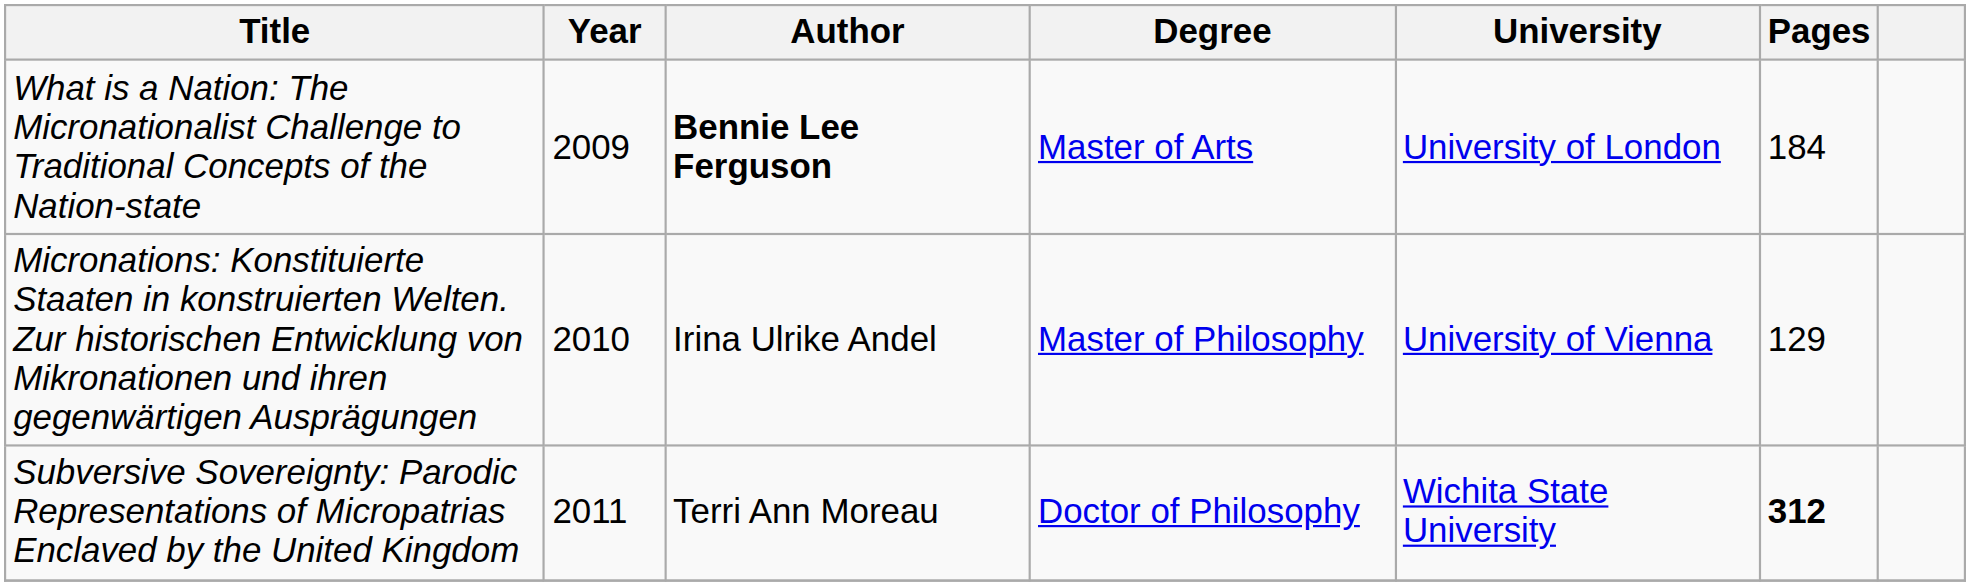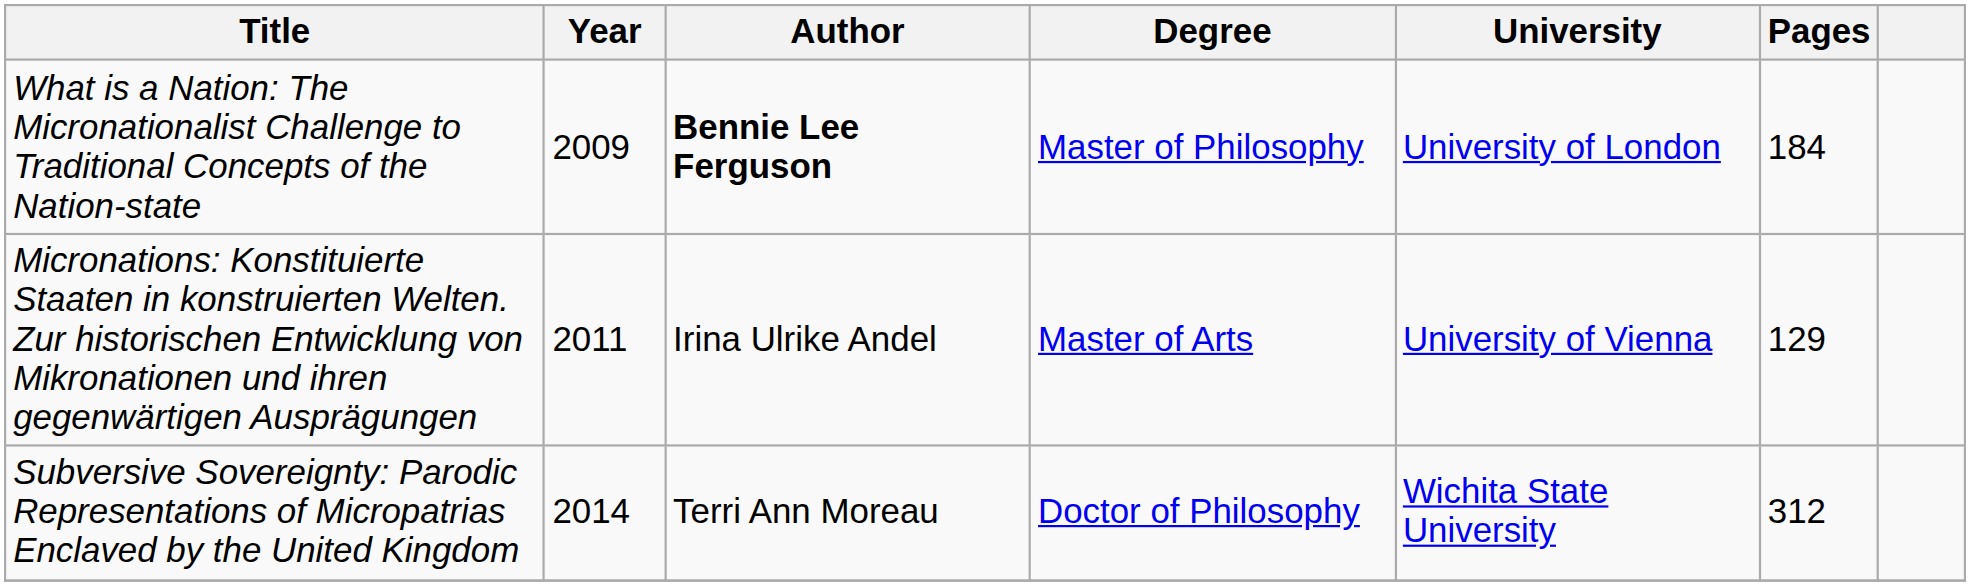 <table class="wikitable">
 <tr>
 <th scope="col" style="width:15em;">Title</th>
 <th scope="col" style="width:3em;">Year</th>
 <th scope="col" style="width:10em;">Author</th>
 <th scope="col" style="width:10em;">Degree</th>
 <th scope="col" style="width:10em;" class="unsortable">University</th>
 <th scope="col" style="width:2em;">Pages</th>
 <th scope="col" style="width:2em;" class="unsortable"></th>
 </tr>
 <tr>
 <td><em>What is a Nation: The Micronationalist Challenge to Traditional Concepts of the Nation-state</em></td>
 <td>2009</td>
 <td><strong>Bennie Lee Ferguson</strong></td>
-<td><a href='#'>Master of Arts</a></td>
+<td><a href='#'>Master of Philosophy</a></td>
 <td><a href='#'>University of London</a></td>
 <td>184</td>
 <td></td>
 </tr>
 <tr>
 <td><em>Micronations: Konstituierte Staaten in konstruierten Welten. Zur historischen Entwicklung von Mikronationen und ihren gegenwärtigen Ausprägungen</em></td>
-<td>2010</td>
+<td>2011</td>
 <td>Irina Ulrike Andel</td>
-<td><a href='#'>Master of Philosophy</a></td>
+<td><a href='#'>Master of Arts</a></td>
 <td><a href='#'>University of Vienna</a></td>
 <td>129</td>
 <td></td>
 </tr>
 <tr>
 <td><em>Subversive Sovereignty: Parodic Representations of Micropatrias Enclaved by the United Kingdom</em></td>
-<td>2011</td>
+<td>2014</td>
 <td>Terri Ann Moreau</td>
 <td><a href='#'>Doctor of Philosophy</a></td>
 <td><a href='#'>Wichita State University</a></td>
-<td><strong>312</strong></td>
+<td>312</td>
 <td></td>
 </tr>
 <tr>
 </tr>
 </table>
